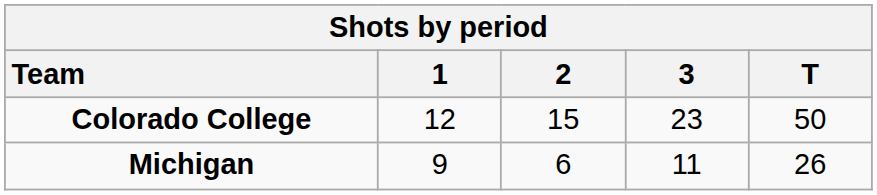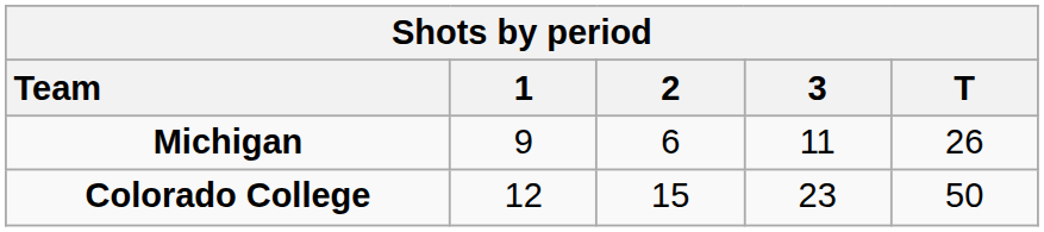 <table class="wikitable" style="width:30em; text-align:right;">
 <tr>
 <th colspan=5>Shots by period</th>
 </tr>
 <tr>
 <th style="width:10em; text-align:left;">Team</th>
 <th style="width:3em;">1</th>
 <th style="width:3em;">2</th>
 <th style="width:3em;">3</th>
 <th style="width:3em;">T</th>
 </tr>
 <tr>
+<td align=center><strong>Michigan</strong></td>
+<td align=center>9</td>
+<td align=center>6</td>
+<td align=center>11</td>
+<td align=center>26</td>
+</tr>
+<tr>
 <td align=center><strong>Colorado College</strong></td>
 <td align=center>12</td>
 <td align=center>15</td>
 <td align=center>23</td>
 <td align=center>50</td>
 </tr>
-<tr>
-<td align=center><strong>Michigan</strong></td>
-<td align=center>9</td>
-<td align=center>6</td>
-<td align=center>11</td>
-<td align=center>26</td>
-</tr>
 </table>
